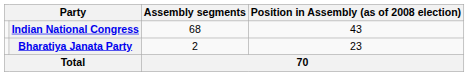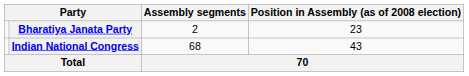 <table class="wikitable" style="text-align:center">
 <tr>
 <th colspan="2">Party</th>
 <th>Assembly segments</th>
 <th>Position in Assembly (as of 2008 election)</th>
 </tr>
 <tr>
 <td></td>
+<th><a href='#'>Bharatiya Janata Party</a></th>
+<td>2</td>
+<td>23</td>
+</tr>
+<tr>
+<td></td>
 <th><a href='#'>Indian National Congress</a></th>
 <td>68</td>
 <td>43</td>
-</tr>
-<tr>
-<td></td>
-<th><a href='#'>Bharatiya Janata Party</a></th>
-<td>2</td>
-<td>23</td>
 </tr>
 <tr>
 <th colspan="2">Total</th>
 <th colspan="2">70</th>
 </tr>
 </table>
